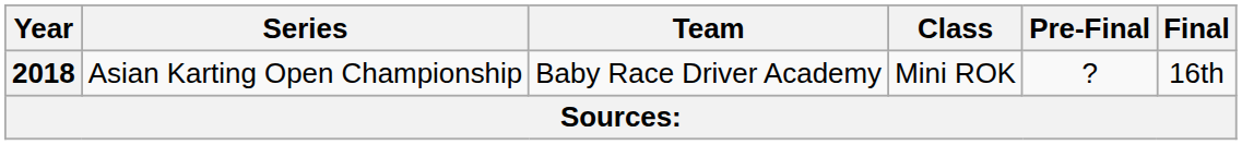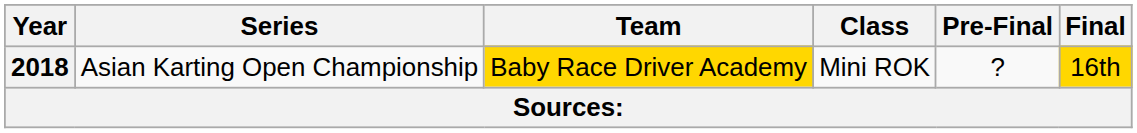 <table class="wikitable" style="text-align:center; font-size:90%">
 <tr>
 <th>Year</th>
 <th>Series</th>
 <th>Team</th>
 <th>Class</th>
 <th>Pre-Final</th>
 <th>Final</th>
 </tr>
 <tr>
 <th>2018</th>
 <td align="left">Asian Karting Open Championship</td>
-<td align="left">Baby Race Driver Academy</td>
+<td align="left" style="background: gold;">Baby Race Driver Academy</td>
 <td align="left">Mini ROK</td>
 <td>?</td>
-<td>16th</td>
+<td style="background: gold;">16th</td>
 </tr>
 <tr>
 <th colspan="6">Sources:</th>
 </tr>
 </table>
